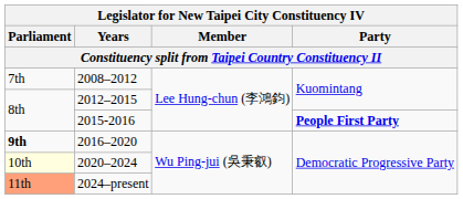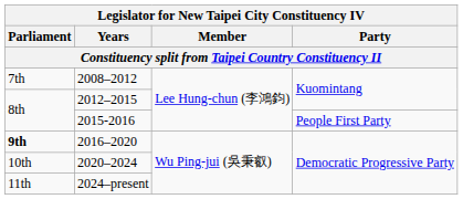 <table class=wikitable>
 <tr>
 <th colspan="4">Legislator for New Taipei City Constituency IV</th>
 </tr>
 <tr>
 <th>Parliament</th>
 <th>Years</th>
 <th>Member</th>
 <th>Party</th>
 </tr>
 <tr>
 <th colspan=4 align=center><em>Constituency split from <a href='#'>Taipei Country Constituency II</a> </em></th>
 </tr>
 <tr>
 <td>7th</td>
 <td>2008–2012</td>
 <td rowspan=3><a href='#'>Lee Hung-chun</a> (李鴻鈞)</td>
 <td rowspan=2><a href='#'>Kuomintang</a></td>
 </tr>
 <tr>
 <td rowspan=2>8th</td>
 <td>2012–2015</td>
 </tr>
 <tr>
 <td>2015-2016</td>
-<td bgcolor=><strong><a href='#'>People First Party</a></strong></td>
+<td bgcolor=><a href='#'>People First Party</a></td>
 </tr>
 <tr>
 <td><strong>9th</strong></td>
 <td>2016–2020</td>
 <td rowspan=3><a href='#'>Wu Ping-jui</a> (吳秉叡)</td>
 <td rowspan=3  bgcolor=><a href='#'>Democratic Progressive Party</a></td>
 </tr>
 <tr>
-<td style="background: lightyellow;">10th</td>
+<td>10th</td>
 <td>2020–2024</td>
 </tr>
 <tr>
-<td style="background: lightsalmon;">11th</td>
+<td>11th</td>
 <td>2024–present</td>
 </tr>
 </table>
